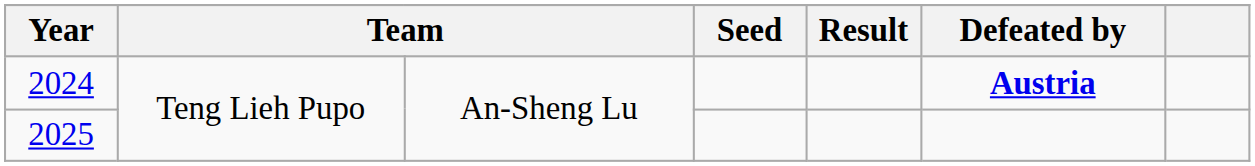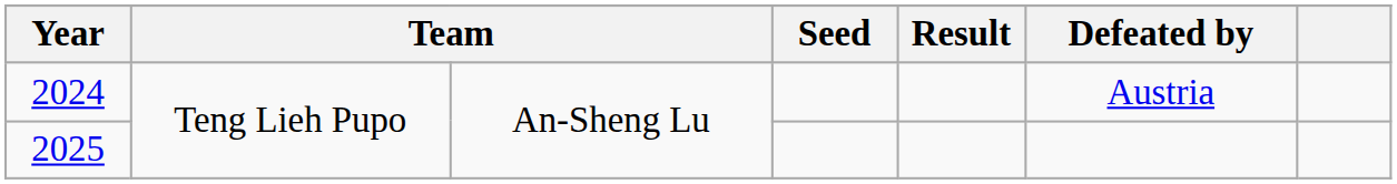 <table class="wikitable" style="text-align: center;">
 <tr style= "background: #e2e2e2;">
 </tr>
 <tr style="background: #efefef;">
 <th width=50px>Year</th>
 <th colspan="2">Team</th>
 <th width=50px>Seed</th>
 <th width=50px>Result</th>
 <th width=120px>Defeated by</th>
 <th width=40px></th>
 </tr>
 <tr>
 <td><a href='#'>2024</a></td>
 <td rowspan=2 width=150px>Teng Lieh Pupo</td>
 <td rowspan=2 width=150px>An-Sheng Lu</td>
 <td></td>
 <td></td>
-<td><strong> <a href='#'>Austria</a></strong></td>
+<td> <a href='#'>Austria</a></td>
 <td></td>
 </tr>
 <tr>
 <td><a href='#'>2025</a></td>
 <td></td>
 <td></td>
 <td></td>
 <td></td>
 </tr>
 </table>
